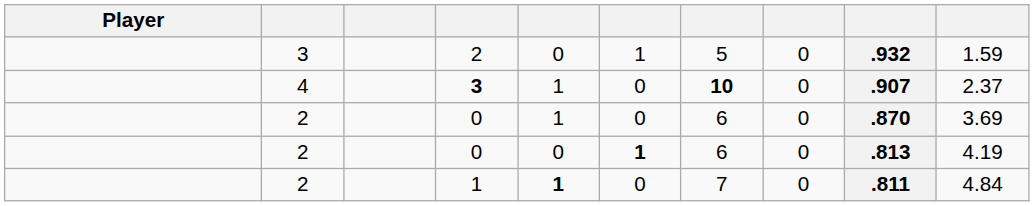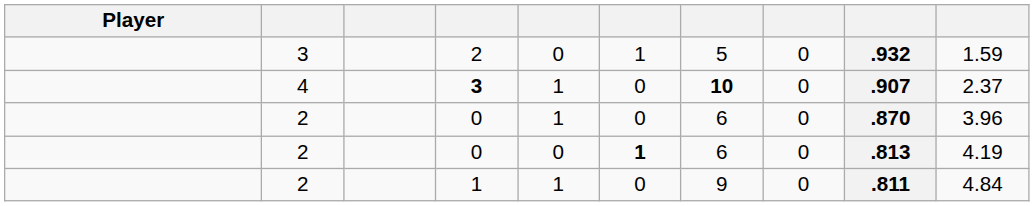 <table class="wikitable sortable" style="text-align: center">
 <tr>
 <th style="width: 12em;">Player</th>
 <th style="width: 3.5em;"></th>
 <th style="width: 4em;"></th>
 <th style="width: 3.5em;"></th>
 <th style="width: 3.5em;"></th>
 <th style="width: 3.5em;"></th>
 <th style="width: 3.5em;"></th>
 <th style="width: 3.5em;"></th>
 <th style="width: 4em;"></th>
 <th style="width: 4em;"></th>
 </tr>
 <tr>
 <td style="text-align:left;"> </td>
 <td>3</td>
 <td></td>
 <td>2</td>
 <td>0</td>
 <td>1</td>
 <td>5</td>
 <td>0</td>
 <th>.932</th>
 <td>1.59</td>
 </tr>
 <tr>
 <td style="text-align:left;"> </td>
 <td>4</td>
 <td></td>
 <td><strong>3</strong></td>
 <td>1</td>
 <td>0</td>
 <td><strong>10</strong></td>
 <td>0</td>
 <th>.907</th>
 <td>2.37</td>
 </tr>
 <tr>
 <td style="text-align:left;"> </td>
 <td>2</td>
 <td></td>
 <td>0</td>
 <td>1</td>
 <td>0</td>
 <td>6</td>
 <td>0</td>
 <th>.870</th>
-<td>3.69</td>
+<td>3.96</td>
 </tr>
 <tr>
 <td style="text-align:left;"> </td>
 <td>2</td>
 <td></td>
 <td>0</td>
 <td>0</td>
 <td><strong>1</strong></td>
 <td>6</td>
 <td>0</td>
 <th>.813</th>
 <td>4.19</td>
 </tr>
 <tr>
 <td style="text-align:left;"> </td>
 <td>2</td>
 <td></td>
 <td>1</td>
-<td><strong>1</strong></td>
+<td>1</td>
 <td>0</td>
-<td>7</td>
+<td>9</td>
 <td>0</td>
 <th>.811</th>
 <td>4.84</td>
 </tr>
 </table>
